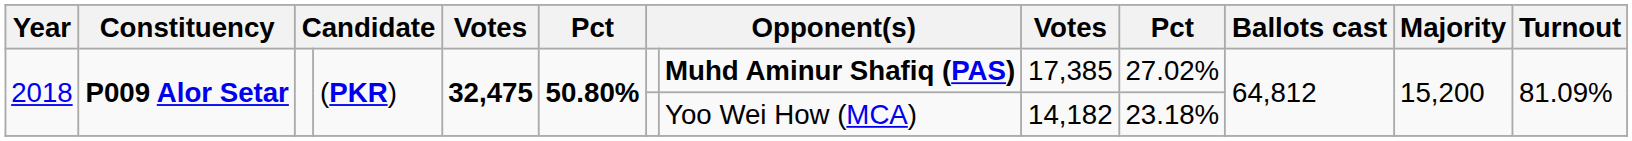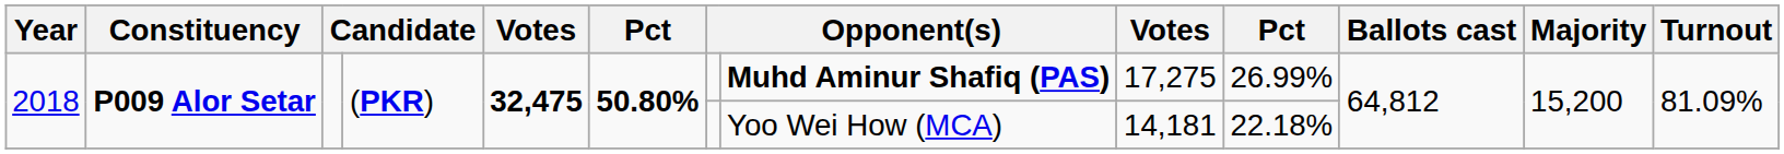 <table class="wikitable" style="margin:0.5em ; font-size:95%">
 <tr>
 <th>Year</th>
 <th>Constituency</th>
 <th colspan=2>Candidate</th>
 <th>Votes</th>
 <th>Pct</th>
 <th colspan=2>Opponent(s)</th>
 <th>Votes</th>
 <th>Pct</th>
 <th>Ballots cast</th>
 <th>Majority</th>
 <th>Turnout</th>
 </tr>
 <tr>
 <td rowspan="3"><a href='#'>2018</a></td>
 <td rowspan="3"><strong>P009 <a href='#'>Alor Setar</a></strong></td>
 <td rowspan="3" ></td>
 <td rowspan="3"> (<a href='#'><strong>PKR</strong></a>)</td>
 <td rowspan="3" align=right><strong>32,475</strong></td>
 <td rowspan="3"><strong>50.80%</strong></td>
 <td></td>
 <td><strong>Muhd Aminur Shafiq (<a href='#'>PAS</a>)</strong></td>
-<td align=right>17,385</td>
-<td>27.02%</td>
+<td align=right>17,275</td>
+<td>26.99%</td>
 <td rowspan="3">64,812</td>
 <td rowspan="3">15,200</td>
 <td rowspan="3">81.09%</td>
 </tr>
 <tr>
 <td></td>
 <td>Yoo Wei How (<a href='#'>MCA</a>)</td>
-<td align=right>14,182</td>
-<td>23.18%</td>
+<td align=right>14,181</td>
+<td>22.18%</td>
 </tr>
 </table>
